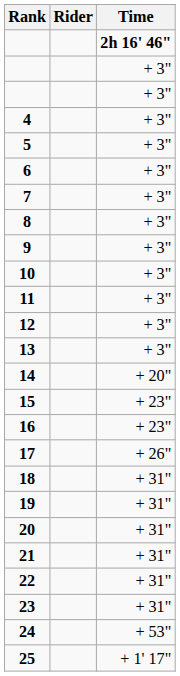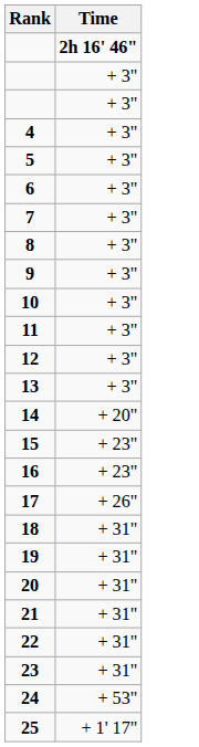 <table class=wikitable style="text-align:center; width=60%">
 <tr>
 <th>Rank</th>
-<th>Rider</th>
 <th>Time</th>
 </tr>
 <tr>
 <td></td>
-<td align="left"></td>
 <td align="right"><strong>2h 16' 46"</strong></td>
 </tr>
 <tr>
 <td></td>
-<td align="left"></td>
 <td align="right">+ 3"</td>
 </tr>
 <tr>
 <td></td>
-<td align="left"></td>
 <td align="right">+ 3"</td>
 </tr>
 <tr>
 <td><strong>4</strong></td>
-<td align="left"></td>
 <td align="right">+ 3"</td>
 </tr>
 <tr>
 <td><strong>5</strong></td>
-<td align="left"></td>
 <td align="right">+ 3"</td>
 </tr>
 <tr>
 <td><strong>6</strong></td>
-<td align="left"></td>
 <td align="right">+ 3"</td>
 </tr>
 <tr>
 <td><strong>7</strong></td>
-<td align="left"></td>
 <td align="right">+ 3"</td>
 </tr>
 <tr>
 <td><strong>8</strong></td>
-<td align="left"></td>
 <td align="right">+ 3"</td>
 </tr>
 <tr>
 <td><strong>9</strong></td>
-<td align="left"></td>
 <td align="right">+ 3"</td>
 </tr>
 <tr>
 <td><strong>10</strong></td>
-<td align="left"></td>
 <td align="right">+ 3"</td>
 </tr>
 <tr>
 <td><strong>11</strong></td>
-<td align="left"></td>
 <td align="right">+ 3"</td>
 </tr>
 <tr>
 <td><strong>12</strong></td>
-<td align="left"></td>
 <td align="right">+ 3"</td>
 </tr>
 <tr>
 <td><strong>13</strong></td>
-<td align="left"></td>
 <td align="right">+ 3"</td>
 </tr>
 <tr>
 <td><strong>14</strong></td>
-<td align="left"></td>
 <td align="right">+ 20"</td>
 </tr>
 <tr>
 <td><strong>15</strong></td>
-<td align="left"></td>
 <td align="right">+ 23"</td>
 </tr>
 <tr>
 <td><strong>16</strong></td>
-<td align="left"></td>
 <td align="right">+ 23"</td>
 </tr>
 <tr>
 <td><strong>17</strong></td>
-<td align="left"></td>
 <td align="right">+ 26"</td>
 </tr>
 <tr>
 <td><strong>18</strong></td>
-<td align="left"></td>
 <td align="right">+ 31"</td>
 </tr>
 <tr>
 <td><strong>19</strong></td>
-<td align="left"></td>
 <td align="right">+ 31"</td>
 </tr>
 <tr>
 <td><strong>20</strong></td>
-<td align="left"></td>
 <td align="right">+ 31"</td>
 </tr>
 <tr>
 <td><strong>21</strong></td>
-<td align="left"></td>
 <td align="right">+ 31"</td>
 </tr>
 <tr>
 <td><strong>22</strong></td>
-<td align="left"></td>
 <td align="right">+ 31"</td>
 </tr>
 <tr>
 <td><strong>23</strong></td>
-<td align="left"></td>
 <td align="right">+ 31"</td>
 </tr>
 <tr>
 <td><strong>24</strong></td>
-<td align="left"></td>
 <td align="right">+ 53"</td>
 </tr>
 <tr>
 <td><strong>25</strong></td>
-<td align="left"></td>
 <td align="right">+ 1' 17"</td>
 </tr>
 </table>
